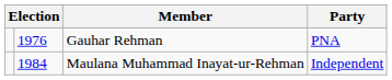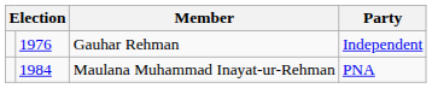 <table class="wikitable">
 <tr>
 <th colspan="2">Election</th>
 <th>Member</th>
 <th>Party</th>
 </tr>
 <tr>
 <td style="background-color: "></td>
 <td><a href='#'>1976</a></td>
 <td>Gauhar Rehman</td>
-<td><a href='#'>PNA</a></td>
+<td><a href='#'>Independent</a></td>
 </tr>
 <tr>
 <td style="background-color: "></td>
 <td><a href='#'>1984</a></td>
 <td>Maulana Muhammad Inayat-ur-Rehman</td>
-<td><a href='#'>Independent</a></td>
+<td><a href='#'>PNA</a></td>
 </tr>
 </table>
